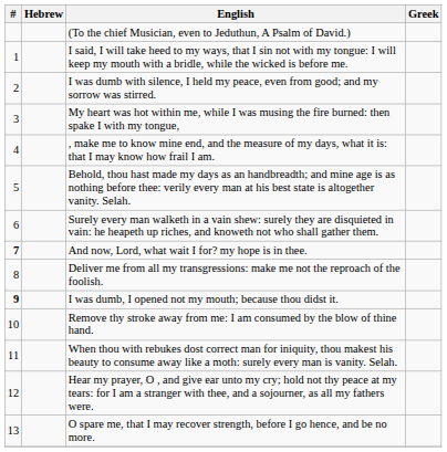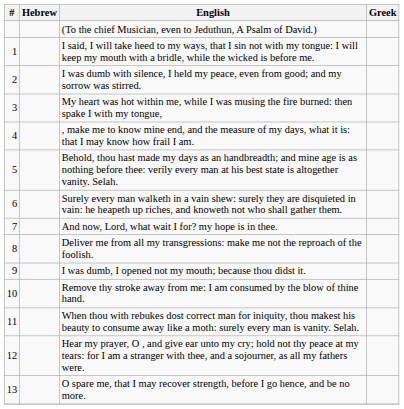 <table class=wikitable>
 <tr>
 <th>#</th>
 <th>Hebrew</th>
 <th>English</th>
 <th>Greek</th>
 </tr>
 <tr>
 <td style="text-align:right"></td>
 <td style="text-align:right"></td>
 <td>(To the chief Musician, even to Jeduthun, A Psalm of David.)</td>
 <td></td>
 </tr>
 <tr>
 <td style="text-align:right">1</td>
 <td style="text-align:right"></td>
 <td>I said, I will take heed to my ways, that I sin not with my tongue: I will keep my mouth with a bridle, while the wicked is before me.</td>
 <td></td>
 </tr>
 <tr>
 <td style="text-align:right">2</td>
 <td style="text-align:right"></td>
 <td>I was dumb with silence, I held my peace, even from good; and my sorrow was stirred.</td>
 <td></td>
 </tr>
 <tr>
 <td style="text-align:right">3</td>
 <td style="text-align:right"></td>
 <td>My heart was hot within me, while I was musing the fire burned: then spake I with my tongue,</td>
 <td></td>
 </tr>
 <tr>
 <td style="text-align:right">4</td>
 <td style="text-align:right"></td>
 <td>, make me to know mine end, and the measure of my days, what it is: that I may know how frail I am.</td>
 <td></td>
 </tr>
 <tr>
 <td style="text-align:right">5</td>
 <td style="text-align:right"></td>
 <td>Behold, thou hast made my days as an handbreadth; and mine age is as nothing before thee: verily every man at his best state is altogether vanity. Selah.</td>
 <td></td>
 </tr>
 <tr>
 <td style="text-align:right">6</td>
 <td style="text-align:right"></td>
 <td>Surely every man walketh in a vain shew: surely they are disquieted in vain: he heapeth up riches, and knoweth not who shall gather them.</td>
 <td></td>
 </tr>
 <tr>
-<td style="text-align:right"><strong>7</strong></td>
+<td style="text-align:right">7</td>
 <td style="text-align:right"></td>
 <td>And now, Lord, what wait I for? my hope is in thee.</td>
 <td></td>
 </tr>
 <tr>
 <td style="text-align:right">8</td>
 <td style="text-align:right"></td>
 <td>Deliver me from all my transgressions: make me not the reproach of the foolish.</td>
 <td></td>
 </tr>
 <tr>
-<td style="text-align:right"><strong>9</strong></td>
+<td style="text-align:right">9</td>
 <td style="text-align:right"></td>
 <td>I was dumb, I opened not my mouth; because thou didst it.</td>
 <td></td>
 </tr>
 <tr>
 <td style="text-align:right">10</td>
 <td style="text-align:right"></td>
 <td>Remove thy stroke away from me: I am consumed by the blow of thine hand.</td>
 <td></td>
 </tr>
 <tr>
 <td style="text-align:right">11</td>
 <td style="text-align:right"></td>
 <td>When thou with rebukes dost correct man for iniquity, thou makest his beauty to consume away like a moth: surely every man is vanity. Selah.</td>
 <td></td>
 </tr>
 <tr>
 <td style="text-align:right">12</td>
 <td style="text-align:right"></td>
 <td>Hear my prayer, O , and give ear unto my cry; hold not thy peace at my tears: for I am a stranger with thee, and a sojourner, as all my fathers were.</td>
 <td></td>
 </tr>
 <tr>
 <td style="text-align:right">13</td>
 <td style="text-align:right"></td>
 <td>O spare me, that I may recover strength, before I go hence, and be no more.</td>
 <td></td>
 </tr>
 <tr>
 </tr>
 </table>
